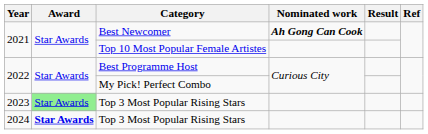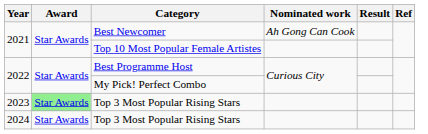 <table class="wikitable sortable">
 <tr>
 <th>Year</th>
 <th>Award</th>
 <th>Category</th>
 <th>Nominated work</th>
 <th>Result</th>
 <th class="unsortable">Ref</th>
 </tr>
 <tr>
 <td rowspan=2>2021</td>
 <td rowspan=2><a href='#'>Star Awards</a></td>
 <td><a href='#'>Best Newcomer</a></td>
-<td><strong><em>Ah Gong Can Cook</em></strong></td>
+<td><em>Ah Gong Can Cook</em></td>
 <td></td>
 <td rowspan=2></td>
 </tr>
 <tr>
 <td><a href='#'>Top 10 Most Popular Female Artistes</a></td>
 <td></td>
 <td></td>
 </tr>
 <tr>
 <td rowspan=2>2022</td>
 <td rowspan=2><a href='#'>Star Awards</a></td>
 <td><a href='#'>Best Programme Host</a></td>
 <td rowspan=2><em>Curious City</em></td>
 <td></td>
 <td rowspan=2></td>
 </tr>
 <tr>
 <td>My Pick! Perfect Combo</td>
 <td></td>
 </tr>
 <tr>
 <td rowspan=1>2023</td>
 <td style="background: lightgreen;"><a href='#'>Star Awards</a></td>
 <td>Top 3 Most Popular Rising Stars</td>
 <td></td>
 <td></td>
 <td rowspan=1></td>
 </tr>
 <tr>
 <td rowspan=1>2024</td>
-<td><strong><a href='#'>Star Awards</a></strong></td>
+<td><a href='#'>Star Awards</a></td>
 <td>Top 3 Most Popular Rising Stars</td>
 <td></td>
 <td></td>
 <td></td>
 </tr>
 </table>
